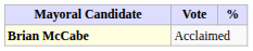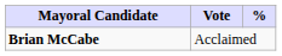 <table class="wikitable">
 <tr>
 <th style="background:#ddf; width:200px;">Mayoral Candidate</th>
 <th style="background:#ddf; width:50px;">Vote</th>
 <th style="background:#ddf; width:30px;">%</th>
 </tr>
 <tr>
-<td style="background: lightyellow;"><strong>Brian McCabe</strong></td>
+<td><strong>Brian McCabe</strong></td>
 <td colspan="2">Acclaimed</td>
 </tr>
 </table>
